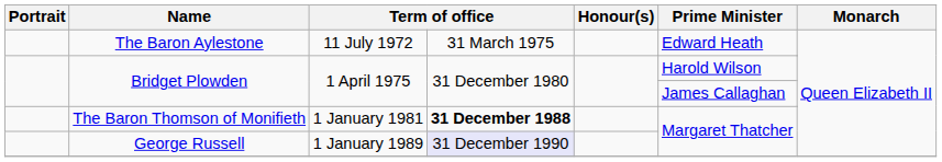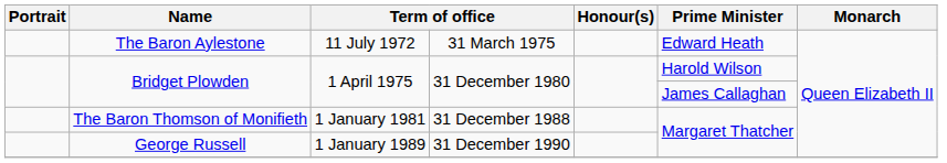 <table class="sortable wikitable">
 <tr>
 <th>Portrait</th>
 <th>Name<br></th>
 <th colspan=2>Term of office</th>
 <th>Honour(s)</th>
 <th>Prime Minister</th>
 <th>Monarch<br></th>
 </tr>
 <tr>
 <td rowspan=2></td>
 <td rowspan=2 align=center><a href='#'>The Baron Aylestone</a><br></td>
 <td rowspan=2 align=center>11 July 1972</td>
 <td rowspan=2 align=center>31 March 1975</td>
 <td rowspan=2></td>
 <td><a href='#'>Edward Heath</a></td>
 <td rowspan=7><a href='#'>Queen Elizabeth II</a><br></td>
 </tr>
 <tr>
 <td rowspan=2><a href='#'>Harold Wilson</a></td>
 </tr>
 <tr>
 <td rowspan=3></td>
 <td rowspan=3 align=center><a href='#'>Bridget Plowden</a><br></td>
 <td rowspan=3 align=center>1 April 1975</td>
 <td rowspan=3 align=center>31 December 1980</td>
 <td rowspan=3></td>
 </tr>
 <tr>
 <td><a href='#'>James Callaghan</a></td>
 </tr>
 <tr>
 <td rowspan=3><a href='#'>Margaret Thatcher</a></td>
 </tr>
 <tr>
 <td></td>
 <td align=center><a href='#'>The Baron Thomson of Monifieth</a><br></td>
 <td align=center>1 January 1981</td>
-<td align=center><strong>31 December 1988</strong></td>
+<td align=center>31 December 1988</td>
 <td></td>
 </tr>
 <tr>
 <td></td>
 <td align=center><a href='#'>George Russell</a><br></td>
 <td align=center>1 January 1989</td>
-<td align=center style="background: lavender;">31 December 1990</td>
+<td align=center>31 December 1990</td>
 <td></td>
 </tr>
 <tr>
 </tr>
 </table>
